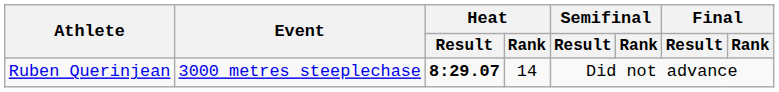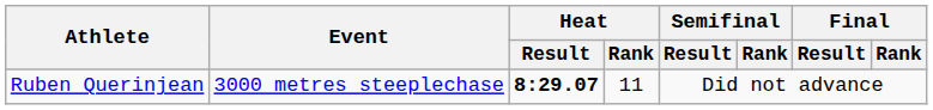 <table class=wikitable style=font-size:90%>
 <tr>
 <th rowspan=2>Athlete</th>
 <th rowspan=2>Event</th>
 <th colspan=2>Heat</th>
 <th colspan=2>Semifinal</th>
 <th colspan=2>Final</th>
 </tr>
 <tr style=font-size:95%>
 <th>Result</th>
 <th>Rank</th>
 <th>Result</th>
 <th>Rank</th>
 <th>Result</th>
 <th>Rank</th>
 </tr>
 <tr align=center>
 <td align=left><a href='#'>Ruben Querinjean</a></td>
 <td align=left><a href='#'>3000 metres steeplechase</a></td>
 <td><strong>8:29.07</strong></td>
-<td>14</td>
+<td>11</td>
 <td colspan=4>Did not advance</td>
 </tr>
 </table>
